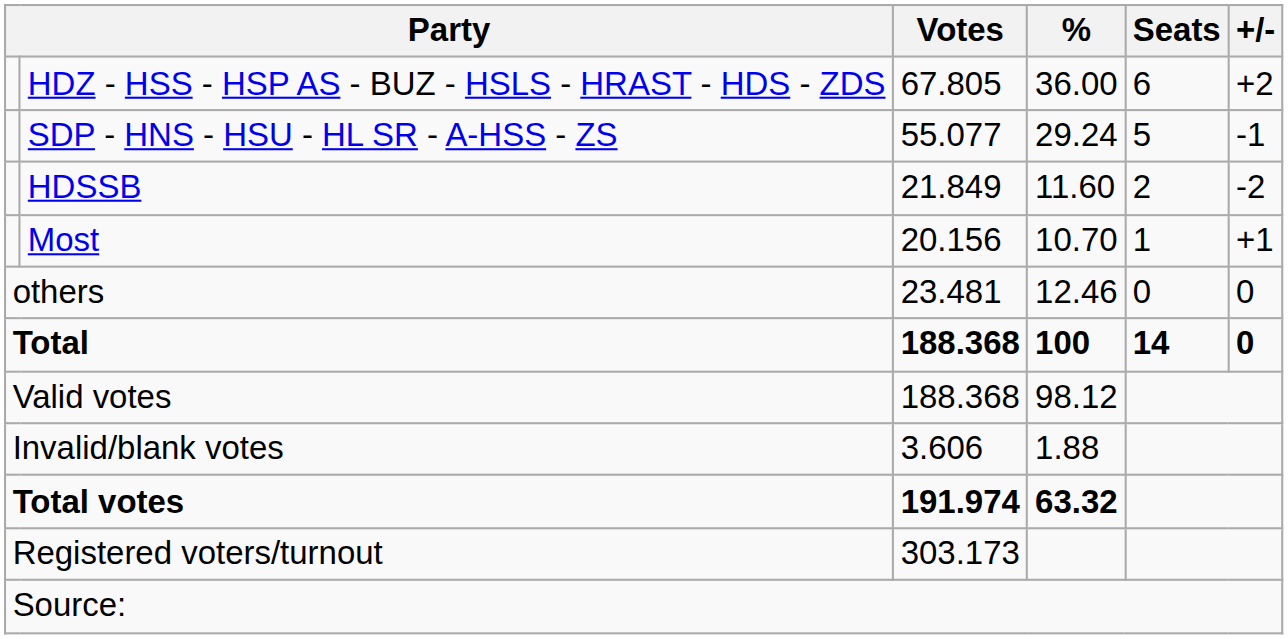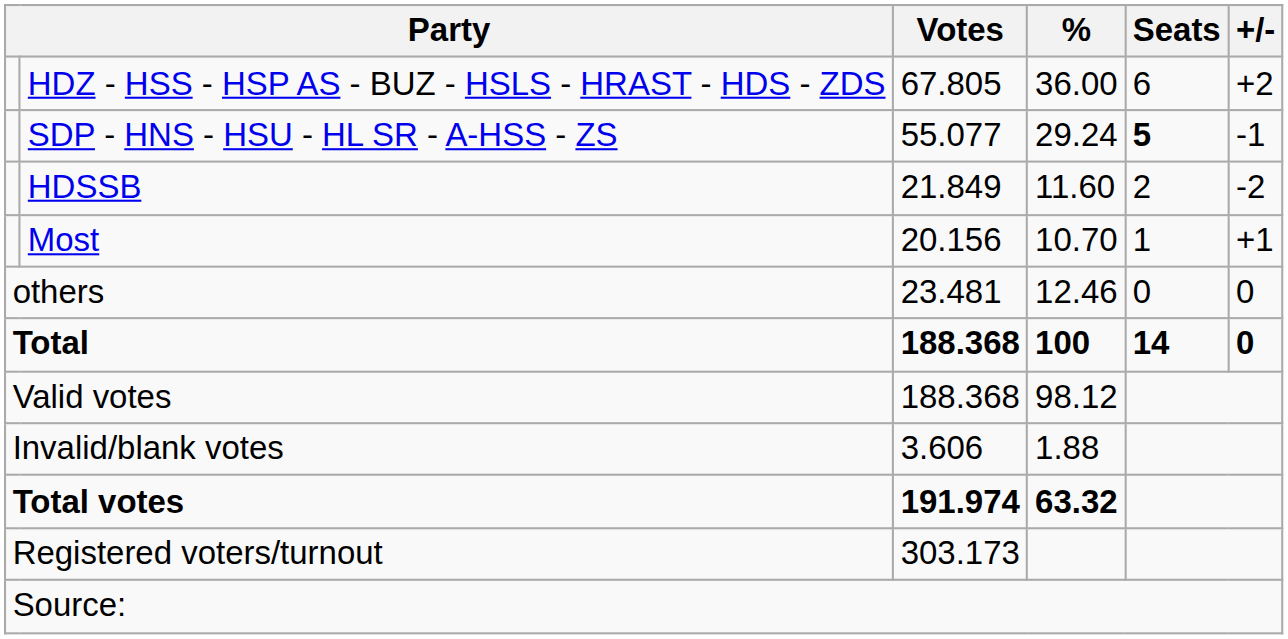 <table class="wikitable" style="text-align: left;">
 <tr>
 <th colspan="2">Party</th>
 <th>Votes</th>
 <th>%</th>
 <th>Seats</th>
 <th>+/-</th>
 </tr>
 <tr>
 <td style="background-color: "></td>
 <td><a href='#'>HDZ</a> - <a href='#'>HSS</a> - <a href='#'>HSP AS</a> - BUZ - <a href='#'>HSLS</a> - <a href='#'>HRAST</a> - <a href='#'>HDS</a> - <a href='#'>ZDS</a></td>
 <td>67.805</td>
 <td>36.00</td>
 <td>6</td>
 <td>+2</td>
 </tr>
 <tr>
 <td style="background-color: "></td>
 <td><a href='#'>SDP</a> - <a href='#'>HNS</a> - <a href='#'>HSU</a> - <a href='#'>HL SR</a> - <a href='#'>A-HSS</a> - <a href='#'>ZS</a></td>
 <td>55.077</td>
 <td>29.24</td>
-<td>5</td>
+<td><strong>5</strong></td>
 <td>-1</td>
 </tr>
 <tr>
 <td style="background-color: "></td>
 <td><a href='#'>HDSSB</a></td>
 <td>21.849</td>
 <td>11.60</td>
 <td>2</td>
 <td>-2</td>
 </tr>
 <tr>
 <td style="background-color: "></td>
 <td><a href='#'>Most</a></td>
 <td>20.156</td>
 <td>10.70</td>
 <td>1</td>
 <td>+1</td>
 </tr>
 <tr>
 <td colspan="2">others</td>
 <td>23.481</td>
 <td>12.46</td>
 <td>0</td>
 <td>0</td>
 </tr>
 <tr>
 <td colspan="2"><strong>Total</strong></td>
 <td><strong>188.368</strong></td>
 <td><strong>100</strong></td>
 <td><strong>14</strong></td>
 <td><strong>0</strong></td>
 </tr>
 <tr>
 <td colspan="2">Valid votes</td>
 <td>188.368</td>
 <td>98.12</td>
 <td colspan="2"></td>
 </tr>
 <tr>
 <td colspan="2">Invalid/blank votes</td>
 <td>3.606</td>
 <td>1.88</td>
 <td colspan="2"></td>
 </tr>
 <tr>
 <td colspan="2"><strong>Total votes</strong></td>
 <td><strong>191.974</strong></td>
 <td><strong>63.32</strong></td>
 <td colspan="2"></td>
 </tr>
 <tr>
 <td colspan="2">Registered voters/turnout</td>
 <td votes14="5343">303.173</td>
 <td></td>
 <td colspan="2"></td>
 </tr>
 <tr>
 <td colspan="6">Source: </td>
 </tr>
 </table>
